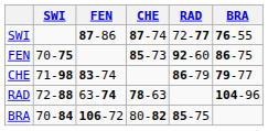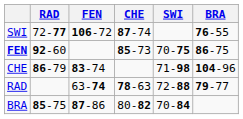 <table class="wikitable">
 <tr>
 <th></th>
-<th> <a href='#'>SWI</a></th>
+<th> <a href='#'>RAD</a></th>
 <th> <a href='#'>FEN</a></th>
 <th> <a href='#'>CHE</a></th>
-<th> <a href='#'>RAD</a></th>
+<th> <a href='#'>SWI</a></th>
 <th> <a href='#'>BRA</a></th>
 </tr>
 <tr>
 <td> <a href='#'>SWI</a></td>
+<td>72-<strong>77</strong></td>
+<td><strong>106</strong>-72</td>
+<td><strong>87</strong>-74</td>
 <td></td>
-<td><strong>87</strong>-86</td>
-<td><strong>87</strong>-74</td>
-<td>72-<strong>77</strong></td>
 <td><strong>76</strong>-55</td>
 </tr>
 <tr>
-<td> <a href='#'>FEN</a></td>
-<td>70-<strong>75</strong></td>
+<td><strong> <a href='#'>FEN</a></strong></td>
+<td><strong>92</strong>-60</td>
 <td></td>
 <td><strong>85</strong>-73</td>
-<td><strong>92</strong>-60</td>
+<td>70-<strong>75</strong></td>
 <td><strong>86</strong>-75</td>
 </tr>
 <tr>
 <td> <a href='#'>CHE</a></td>
-<td>71-<strong>98</strong></td>
+<td><strong>86</strong>-79</td>
 <td><strong>83</strong>-74</td>
 <td></td>
-<td><strong>86</strong>-79</td>
+<td>71-<strong>98</strong></td>
+<td><strong>104</strong>-96</td>
+</tr>
+<tr>
+<td> <a href='#'>RAD</a></td>
+<td></td>
+<td>63-<strong>74</strong></td>
+<td><strong>78</strong>-63</td>
+<td>72-<strong>88</strong></td>
 <td><strong>79</strong>-77</td>
 </tr>
 <tr>
-<td> <a href='#'>RAD</a></td>
-<td>72-<strong>88</strong></td>
-<td>63-<strong>74</strong></td>
-<td><strong>78</strong>-63</td>
-<td></td>
-<td><strong>104</strong>-96</td>
-</tr>
-<tr>
 <td> <a href='#'>BRA</a></td>
+<td><strong>85</strong>-75</td>
+<td><strong>87</strong>-86</td>
+<td>80-<strong>82</strong></td>
 <td>70-<strong>84</strong></td>
-<td><strong>106</strong>-72</td>
-<td>80-<strong>82</strong></td>
-<td><strong>85</strong>-75</td>
 <td></td>
 </tr>
 </table>
